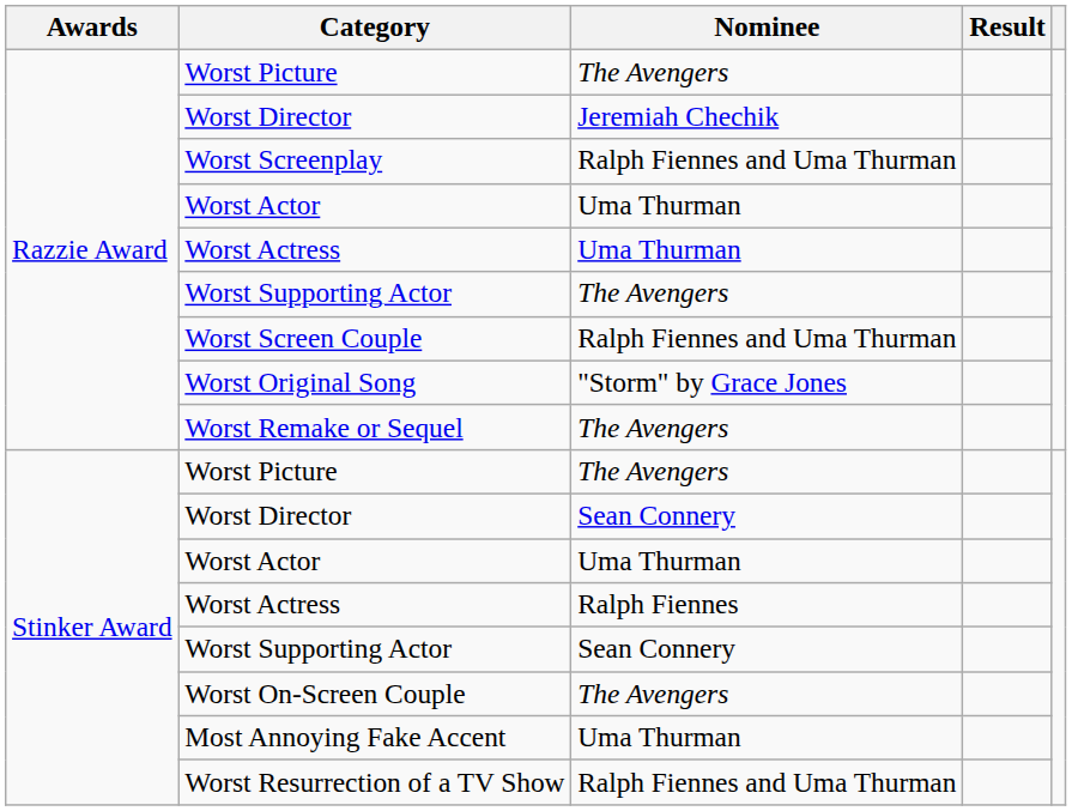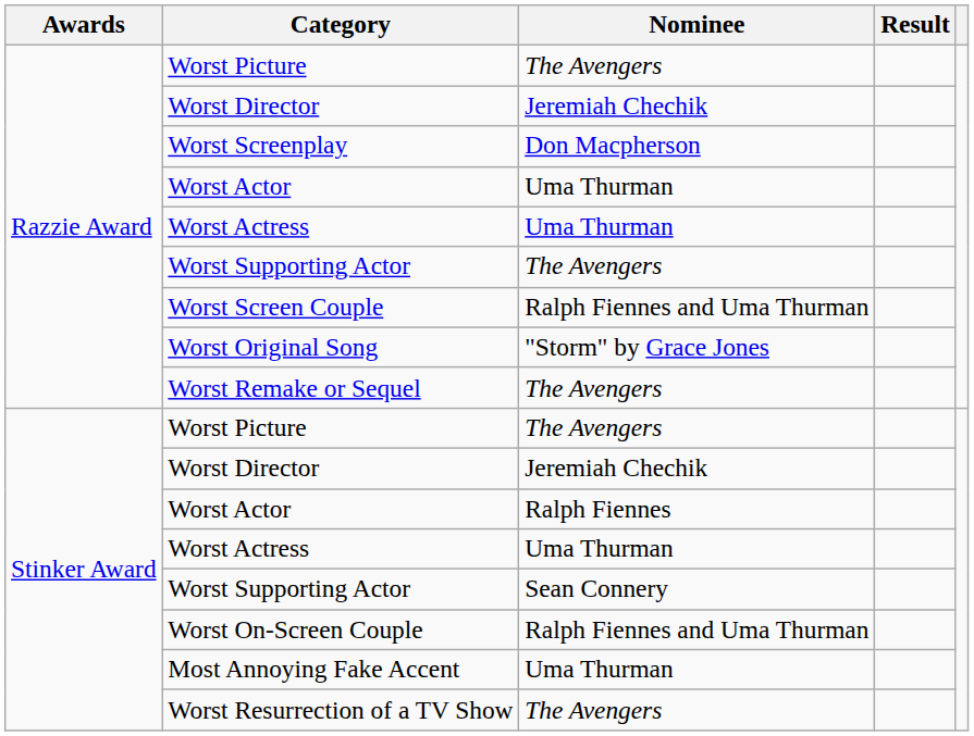 <table class="wikitable sortable plainrowheaders">
 <tr>
 <th>Awards</th>
 <th>Category</th>
 <th>Nominee</th>
 <th>Result</th>
 <th class="unsortable"></th>
 </tr>
 <tr>
 <td rowspan="9"><a href='#'>Razzie Award</a></td>
 <td><a href='#'>Worst Picture</a></td>
 <td><em>The Avengers</em></td>
 <td></td>
 <td rowspan="9" style="text-align:center;"></td>
 </tr>
 <tr>
 <td><a href='#'>Worst Director</a></td>
 <td><a href='#'>Jeremiah Chechik</a></td>
 <td></td>
 </tr>
 <tr>
 <td><a href='#'>Worst Screenplay</a></td>
-<td>Ralph Fiennes and Uma Thurman</td>
+<td><a href='#'>Don Macpherson</a></td>
 <td></td>
 </tr>
 <tr>
 <td><a href='#'>Worst Actor</a></td>
 <td>Uma Thurman</td>
 <td></td>
 </tr>
 <tr>
 <td><a href='#'>Worst Actress</a></td>
 <td><a href='#'>Uma Thurman</a></td>
 <td></td>
 </tr>
 <tr>
 <td><a href='#'>Worst Supporting Actor</a></td>
 <td><em>The Avengers</em></td>
 <td></td>
 </tr>
 <tr>
 <td><a href='#'>Worst Screen Couple</a></td>
 <td>Ralph Fiennes and Uma Thurman</td>
 <td></td>
 </tr>
 <tr>
 <td><a href='#'>Worst Original Song</a></td>
 <td>"Storm" by <a href='#'>Grace Jones</a></td>
 <td></td>
 </tr>
 <tr>
 <td><a href='#'>Worst Remake or Sequel</a></td>
 <td><em>The Avengers</em></td>
 <td></td>
 </tr>
 <tr>
 <td rowspan="8"><a href='#'>Stinker Award</a></td>
 <td>Worst Picture</td>
 <td><em>The Avengers</em></td>
 <td></td>
 <td rowspan="8" style="text-align:center;"></td>
 </tr>
 <tr>
 <td>Worst Director</td>
-<td><a href='#'>Sean Connery</a></td>
+<td>Jeremiah Chechik</td>
 <td></td>
 </tr>
 <tr>
 <td>Worst Actor</td>
-<td>Uma Thurman</td>
+<td>Ralph Fiennes</td>
 <td></td>
 </tr>
 <tr>
 <td>Worst Actress</td>
-<td>Ralph Fiennes</td>
+<td>Uma Thurman</td>
 <td></td>
 </tr>
 <tr>
 <td>Worst Supporting Actor</td>
 <td>Sean Connery</td>
 <td></td>
 </tr>
 <tr>
 <td>Worst On-Screen Couple</td>
-<td><em>The Avengers</em></td>
+<td>Ralph Fiennes and Uma Thurman</td>
 <td></td>
 </tr>
 <tr>
 <td>Most Annoying Fake Accent</td>
 <td>Uma Thurman</td>
 <td></td>
 </tr>
 <tr>
 <td>Worst Resurrection of a TV Show</td>
-<td>Ralph Fiennes and Uma Thurman</td>
+<td><em>The Avengers</em></td>
 <td></td>
 </tr>
 </table>
